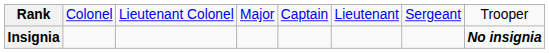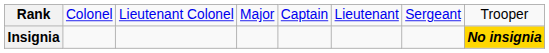 <table class="wikitable">
 <tr style="text-align:center;">
 <th>Rank</th>
 <td><a href='#'>Colonel</a></td>
 <td><a href='#'>Lieutenant Colonel</a></td>
 <td><a href='#'>Major</a></td>
 <td><a href='#'>Captain</a></td>
 <td><a href='#'>Lieutenant</a></td>
 <td><a href='#'>Sergeant</a></td>
 <td>Trooper</td>
 </tr>
 <tr style="text-align:center;">
 <th>Insignia</th>
 <td></td>
 <td></td>
 <td></td>
 <td></td>
 <td></td>
 <td></td>
-<td><strong><em>No insignia</em></strong></td>
+<td style="background: gold;"><strong><em>No insignia</em></strong></td>
 </tr>
 </table>
